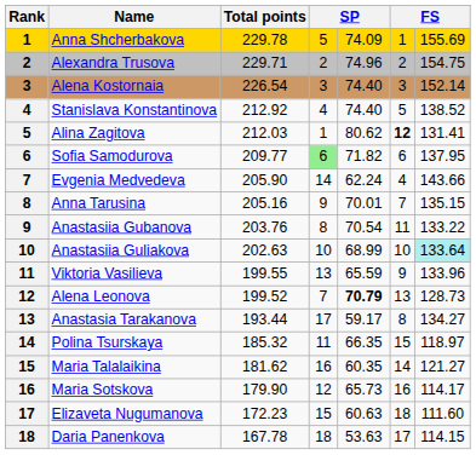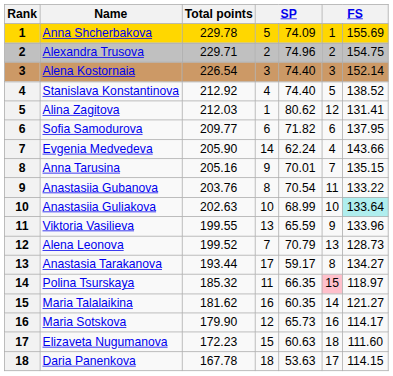 <table class="wikitable sortable">
 <tr>
 <th>Rank</th>
 <th>Name</th>
 <th>Total points</th>
 <th colspan="2" width="80px"><a href='#'>SP</a></th>
 <th colspan="2" width="80px"><a href='#'>FS</a></th>
 </tr>
 <tr bgcolor="gold">
 <td align="center"><strong>1</strong></td>
 <td><a href='#'>Anna Shcherbakova</a></td>
 <td align="center">229.78</td>
 <td align="center">5</td>
 <td align="center">74.09</td>
 <td align="center">1</td>
 <td align="center">155.69</td>
 </tr>
 <tr bgcolor="silver">
 <td align="center"><strong>2</strong></td>
 <td><a href='#'>Alexandra Trusova</a></td>
 <td align="center">229.71</td>
 <td align="center">2</td>
 <td align="center">74.96</td>
 <td align="center">2</td>
 <td align="center">154.75</td>
 </tr>
 <tr bgcolor="cc9966">
 <td align="center"><strong>3</strong></td>
 <td><a href='#'>Alena Kostornaia</a></td>
 <td align="center">226.54</td>
 <td align="center">3</td>
 <td align="center">74.40</td>
 <td align="center">3</td>
 <td align="center">152.14</td>
 </tr>
 <tr>
 <th>4</th>
 <td><a href='#'>Stanislava Konstantinova</a></td>
 <td align="center">212.92</td>
 <td align="center">4</td>
 <td align="center">74.40</td>
 <td align="center">5</td>
 <td align="center">138.52</td>
 </tr>
 <tr>
 <th>5</th>
 <td><a href='#'>Alina Zagitova</a></td>
 <td align="center">212.03</td>
 <td align="center">1</td>
 <td align="center">80.62</td>
-<td align="center"><strong>12</strong></td>
+<td align="center">12</td>
 <td align="center">131.41</td>
 </tr>
 <tr>
 <th>6</th>
 <td><a href='#'>Sofia Samodurova</a></td>
 <td align="center">209.77</td>
-<td align="center" style="background: lightgreen;">6</td>
+<td align="center">6</td>
 <td align="center">71.82</td>
 <td align="center">6</td>
 <td align="center">137.95</td>
 </tr>
 <tr>
 <th>7</th>
 <td><a href='#'>Evgenia Medvedeva</a></td>
 <td align="center">205.90</td>
 <td align="center">14</td>
 <td align="center">62.24</td>
 <td align="center">4</td>
 <td align="center">143.66</td>
 </tr>
 <tr>
 <th>8</th>
 <td><a href='#'>Anna Tarusina</a></td>
 <td align="center">205.16</td>
 <td align="center">9</td>
 <td align="center">70.01</td>
 <td align="center">7</td>
 <td align="center">135.15</td>
 </tr>
 <tr>
 <th>9</th>
 <td><a href='#'>Anastasiia Gubanova</a></td>
 <td align="center">203.76</td>
 <td align="center">8</td>
 <td align="center">70.54</td>
 <td align="center">11</td>
 <td align="center">133.22</td>
 </tr>
 <tr>
 <th>10</th>
 <td><a href='#'>Anastasiia Guliakova</a></td>
 <td align="center">202.63</td>
 <td align="center">10</td>
 <td align="center">68.99</td>
 <td align="center">10</td>
 <td align="center" style="background: paleturquoise;">133.64</td>
 </tr>
 <tr>
 <th>11</th>
 <td><a href='#'>Viktoria Vasilieva</a></td>
 <td align="center">199.55</td>
 <td align="center">13</td>
 <td align="center">65.59</td>
 <td align="center">9</td>
 <td align="center">133.96</td>
 </tr>
 <tr>
 <th>12</th>
 <td><a href='#'>Alena Leonova</a></td>
 <td align="center">199.52</td>
 <td align="center">7</td>
-<td align="center"><strong>70.79</strong></td>
+<td align="center">70.79</td>
 <td align="center">13</td>
 <td align="center">128.73</td>
 </tr>
 <tr>
 <th>13</th>
 <td><a href='#'>Anastasia Tarakanova</a></td>
 <td align="center">193.44</td>
 <td align="center">17</td>
 <td align="center">59.17</td>
 <td align="center">8</td>
 <td align="center">134.27</td>
 </tr>
 <tr>
 <th>14</th>
 <td><a href='#'>Polina Tsurskaya</a></td>
 <td align="center">185.32</td>
 <td align="center">11</td>
 <td align="center">66.35</td>
-<td align="center">15</td>
+<td align="center" style="background: pink;">15</td>
 <td align="center">118.97</td>
 </tr>
 <tr>
 <th>15</th>
 <td><a href='#'>Maria Talalaikina</a></td>
 <td align="center">181.62</td>
 <td align="center">16</td>
 <td align="center">60.35</td>
 <td align="center">14</td>
 <td align="center">121.27</td>
 </tr>
 <tr>
 <th>16</th>
 <td><a href='#'>Maria Sotskova</a></td>
 <td align="center">179.90</td>
 <td align="center">12</td>
 <td align="center">65.73</td>
 <td align="center">16</td>
 <td align="center">114.17</td>
 </tr>
 <tr>
 <th>17</th>
 <td><a href='#'>Elizaveta Nugumanova</a></td>
 <td align="center">172.23</td>
 <td align="center">15</td>
 <td align="center">60.63</td>
 <td align="center">18</td>
 <td align="center">111.60</td>
 </tr>
 <tr>
 <th>18</th>
 <td><a href='#'>Daria Panenkova</a></td>
 <td align="center">167.78</td>
 <td align="center">18</td>
 <td align="center">53.63</td>
 <td align="center">17</td>
 <td align="center">114.15</td>
 </tr>
 </table>
